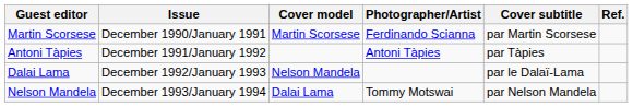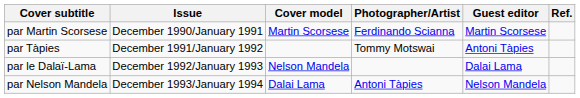 <table class="sortable wikitable">
 <tr>
-<th>Guest editor</th>
+<th>Cover subtitle</th>
 <th>Issue</th>
 <th>Cover model</th>
 <th>Photographer/Artist</th>
-<th>Cover subtitle</th>
+<th>Guest editor</th>
 <th>Ref.</th>
 </tr>
 <tr>
-<td><a href='#'>Martin Scorsese</a></td>
+<td>par Martin Scorsese</td>
 <td>December 1990/January 1991</td>
 <td><a href='#'>Martin Scorsese</a></td>
 <td><a href='#'>Ferdinando Scianna</a></td>
-<td>par Martin Scorsese</td>
+<td><a href='#'>Martin Scorsese</a></td>
 <td></td>
 </tr>
 <tr>
-<td><a href='#'>Antoni Tàpies</a></td>
+<td>par Tàpies</td>
 <td>December 1991/January 1992</td>
 <td></td>
+<td>Tommy Motswai</td>
 <td><a href='#'>Antoni Tàpies</a></td>
-<td>par Tàpies</td>
 <td></td>
 </tr>
 <tr>
-<td><a href='#'>Dalai Lama</a></td>
+<td>par le Dalaï-Lama</td>
 <td>December 1992/January 1993</td>
 <td><a href='#'>Nelson Mandela</a></td>
 <td></td>
-<td>par le Dalaï-Lama</td>
+<td><a href='#'>Dalai Lama</a></td>
 <td></td>
 </tr>
 <tr>
-<td><a href='#'>Nelson Mandela</a></td>
+<td>par Nelson Mandela</td>
 <td>December 1993/January 1994</td>
 <td><a href='#'>Dalai Lama</a></td>
-<td>Tommy Motswai</td>
-<td>par Nelson Mandela</td>
+<td><a href='#'>Antoni Tàpies</a></td>
+<td><a href='#'>Nelson Mandela</a></td>
 <td></td>
 </tr>
 </table>
